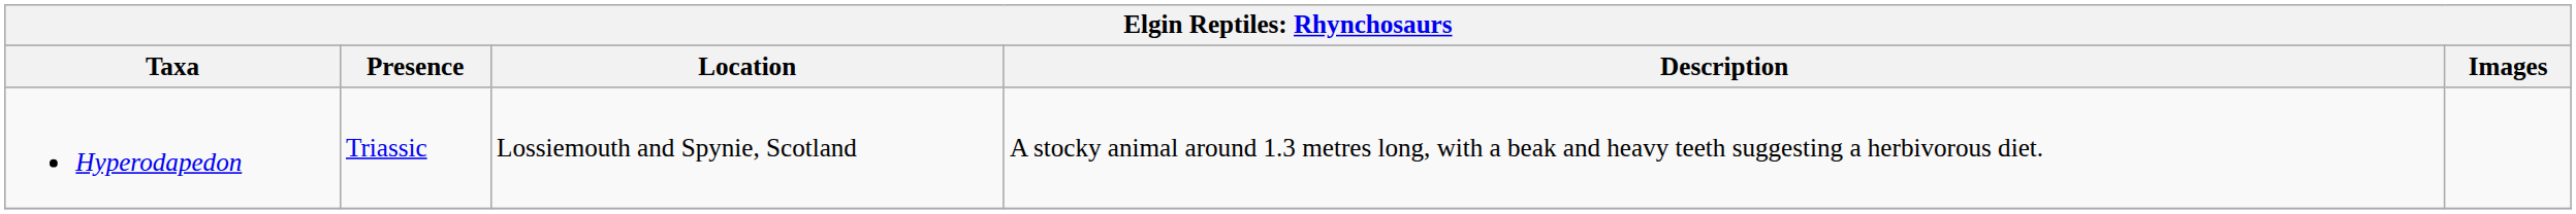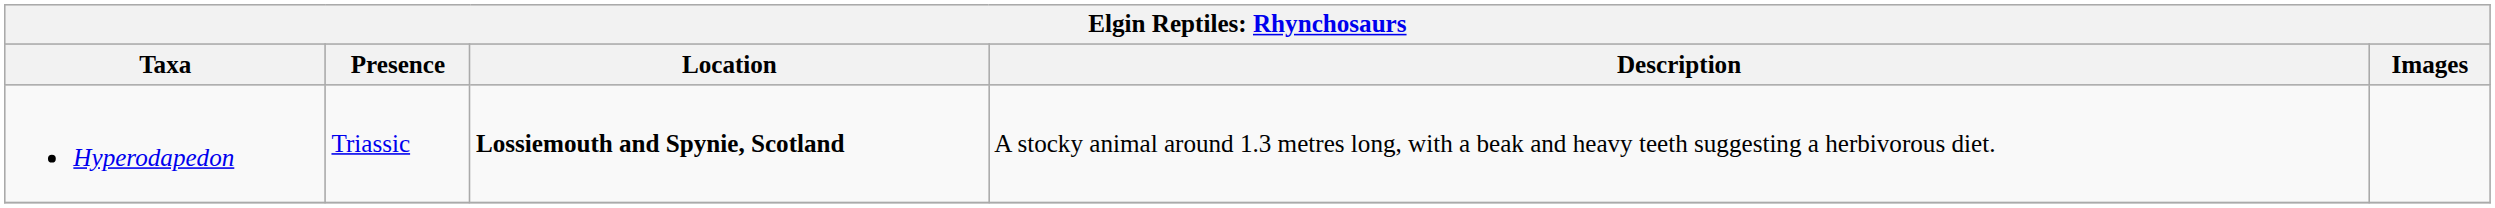 <table class="wikitable" align="center" width="100%">
 <tr>
 <th colspan="5" align="center">Elgin Reptiles: <strong><a href='#'>Rhynchosaurs</a></strong></th>
 </tr>
 <tr>
 <th>Taxa</th>
 <th>Presence</th>
 <th>Location</th>
 <th>Description</th>
 <th>Images</th>
 </tr>
 <tr>
 <td><br><ul><li><em><a href='#'>Hyperodapedon</a></em></li></ul></td>
 <td><a href='#'>Triassic</a></td>
-<td>Lossiemouth and Spynie, Scotland</td>
+<td><strong>Lossiemouth and Spynie, Scotland</strong></td>
 <td>A stocky animal around 1.3 metres long, with a beak and heavy teeth suggesting a herbivorous diet.</td>
 <td></td>
 </tr>
 <tr>
 </tr>
 </table>
